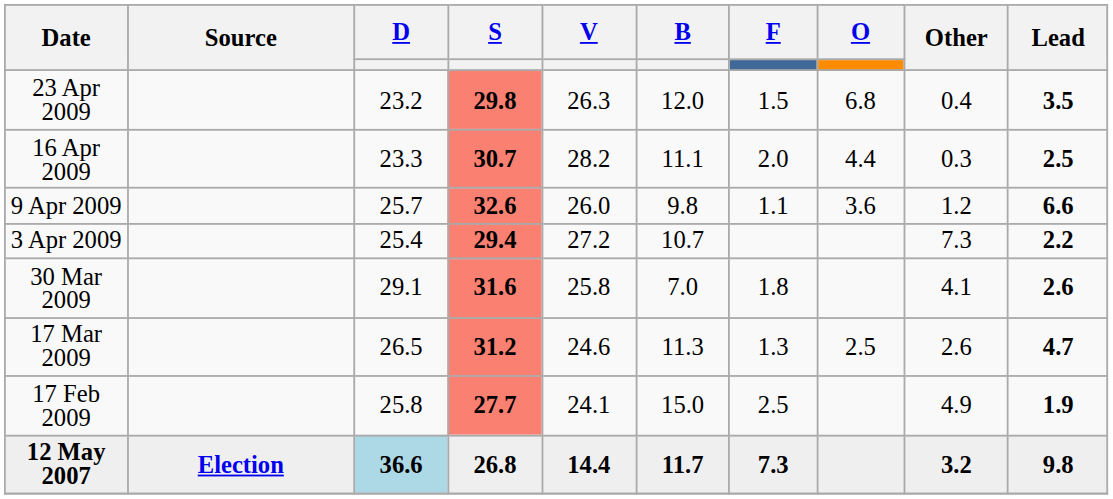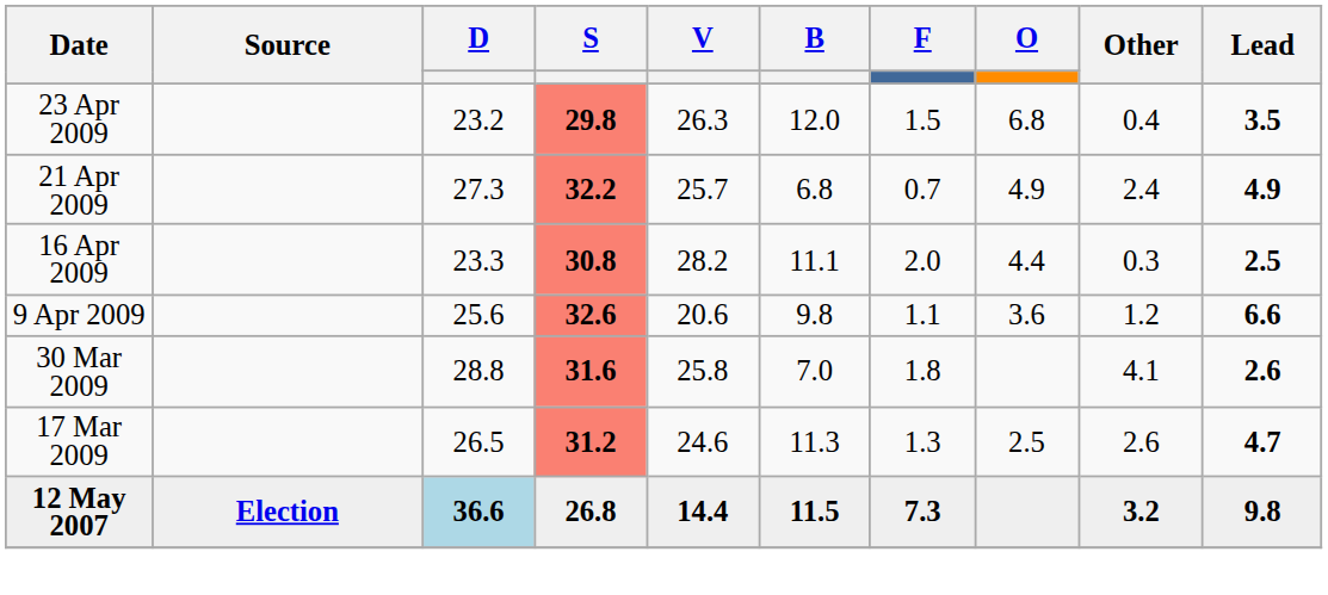 <table Class="wikitable" style="text-align:center;font-size:85%;line-height:13px">
 <tr style="height:30px; background-color:#E9E9E9">
 <th style="width:100px;" rowspan="2">Date</th>
 <th style="width:200px;" rowspan="2">Source</th>
 <th style="width:70px;"><a href='#'>D</a></th>
 <th style="width:70px;"><a href='#'>S</a></th>
 <th style="width:70px;"><a href='#'>V</a></th>
 <th style="width:70px;"><a href='#'>B</a></th>
 <th style="width:70px;"><a href='#'>F</a></th>
 <th style="width:70px;"><a href='#'>O</a></th>
 <th style="width:70px;" rowspan="2">Other</th>
 <th style="width:70px;" rowspan="2">Lead</th>
 </tr>
 <tr>
 <th style="background:"></th>
 <th style="background:"></th>
 <th style="background:"></th>
 <th style="background:"></th>
 <th style="background:#406899;"></th>
 <th style="background:#FF8C00;"></th>
 </tr>
 <tr>
 <td>23 Apr 2009</td>
 <td></td>
 <td>23.2</td>
 <td style="background:salmon"><strong>29.8</strong></td>
 <td>26.3</td>
 <td>12.0</td>
 <td>1.5</td>
 <td>6.8</td>
 <td>0.4</td>
 <td style="background:"><strong>3.5</strong></td>
 </tr>
 <tr>
+<td>21 Apr 2009</td>
+<td></td>
+<td>27.3</td>
+<td style="background:salmon"><strong>32.2</strong></td>
+<td>25.7</td>
+<td>6.8</td>
+<td>0.7</td>
+<td>4.9</td>
+<td>2.4</td>
+<td style="background:"><strong>4.9</strong></td>
+</tr>
+<tr>
 <td>16 Apr 2009</td>
 <td></td>
 <td>23.3</td>
-<td style="background:salmon"><strong>30.7</strong></td>
+<td style="background:salmon"><strong>30.8</strong></td>
 <td>28.2</td>
 <td>11.1</td>
 <td>2.0</td>
 <td>4.4</td>
 <td>0.3</td>
 <td style="background:"><strong>2.5</strong></td>
 </tr>
 <tr>
 <td>9 Apr 2009</td>
 <td></td>
-<td>25.7</td>
+<td>25.6</td>
 <td style="background:salmon"><strong>32.6</strong></td>
-<td>26.0</td>
+<td>20.6</td>
 <td>9.8</td>
 <td>1.1</td>
 <td>3.6</td>
 <td>1.2</td>
 <td style="background:"><strong>6.6</strong></td>
 </tr>
 <tr>
-<td>3 Apr 2009</td>
-<td></td>
-<td>25.4</td>
-<td style="background:salmon"><strong>29.4</strong></td>
-<td>27.2</td>
-<td>10.7</td>
-<td></td>
-<td></td>
-<td>7.3</td>
-<td style="background:"><strong>2.2</strong></td>
-</tr>
-<tr>
 <td>30 Mar 2009</td>
 <td></td>
-<td>29.1</td>
+<td>28.8</td>
 <td style="background:salmon"><strong>31.6</strong></td>
 <td>25.8</td>
 <td>7.0</td>
 <td>1.8</td>
 <td></td>
 <td>4.1</td>
 <td style="background:"><strong>2.6</strong></td>
 </tr>
 <tr>
 <td>17 Mar 2009</td>
 <td></td>
 <td>26.5</td>
 <td style="background:salmon"><strong>31.2</strong></td>
 <td>24.6</td>
 <td>11.3</td>
 <td>1.3</td>
 <td>2.5</td>
 <td>2.6</td>
 <td style="background:"><strong>4.7</strong></td>
 </tr>
-<tr>
-<td>17 Feb 2009</td>
-<td></td>
-<td>25.8</td>
-<td style="background:salmon"><strong>27.7</strong></td>
-<td>24.1</td>
-<td>15.0</td>
-<td>2.5</td>
-<td></td>
-<td>4.9</td>
-<td style="background:"><strong>1.9</strong></td>
-</tr>
 <tr style="background:#EFEFEF; font-weight:bold;">
 <td>12 May 2007</td>
 <td><a href='#'>Election</a></td>
 <td style="background:lightblue"><strong>36.6</strong></td>
 <td>26.8</td>
 <td>14.4</td>
-<td>11.7</td>
+<td>11.5</td>
 <td>7.3</td>
 <td></td>
 <td>3.2</td>
 <td style="background:"><strong>9.8</strong></td>
 </tr>
 <tr>
 </tr>
 </table>
